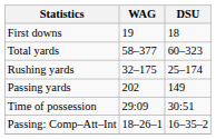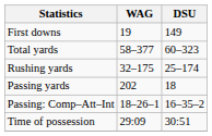 <table class="wikitable" style="float: left;">
 <tr>
 <th>Statistics</th>
 <th>WAG</th>
 <th>DSU</th>
 </tr>
 <tr>
 <td>First downs</td>
 <td>19</td>
-<td>18</td>
+<td>149</td>
 </tr>
 <tr>
 <td>Total yards</td>
 <td>58–377</td>
 <td>60–323</td>
 </tr>
 <tr>
 <td>Rushing yards</td>
 <td>32–175</td>
 <td>25–174</td>
 </tr>
 <tr>
 <td>Passing yards</td>
 <td>202</td>
-<td>149</td>
+<td>18</td>
+</tr>
+<tr>
+<td>Passing: Comp–Att–Int</td>
+<td>18–26–1</td>
+<td>16–35–2</td>
 </tr>
 <tr>
 <td>Time of possession</td>
 <td>29:09</td>
 <td>30:51</td>
 </tr>
 <tr>
-<td>Passing: Comp–Att–Int</td>
-<td>18–26–1</td>
-<td>16–35–2</td>
-</tr>
-<tr>
 </tr>
 </table>
